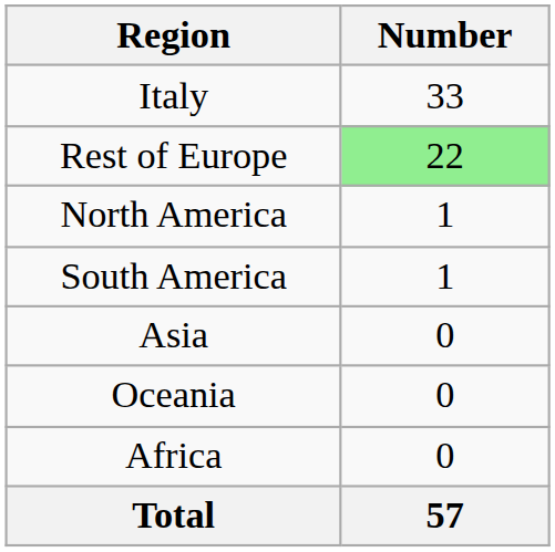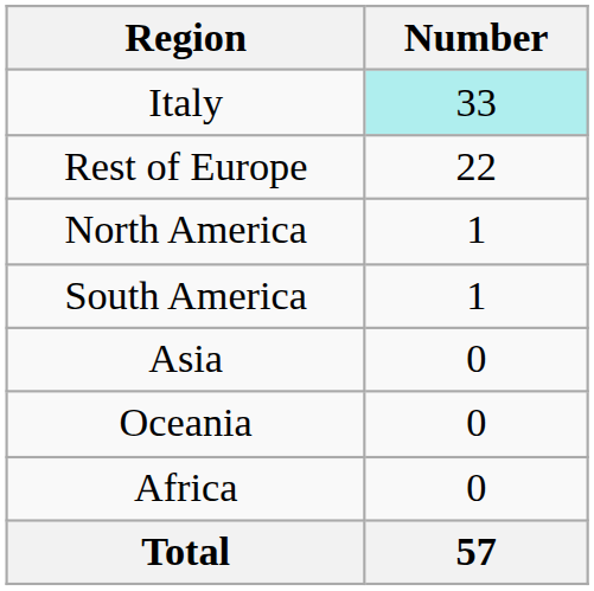 <table class="wikitable sortable" style="width:230px; float:right; margin:0 1em;">
 <tr>
 <th scope="col">Region</th>
 <th scope="col">Number</th>
 </tr>
 <tr>
 <td style="text-align:center" scope="row">Italy</td>
-<td style="text-align:center">33</td>
+<td style="background: paleturquoise; text-align:center">33</td>
 </tr>
 <tr>
 <td style="text-align:center" scope="row" data-sort-value="Europe, Rest of">Rest of Europe</td>
-<td style="background: lightgreen; text-align:center">22</td>
+<td style="text-align:center">22</td>
 </tr>
 <tr>
 <td style="text-align:center" scope="row" data-sort-value="America, North">North America</td>
 <td style="text-align:center">1</td>
 </tr>
 <tr>
 <td style="text-align:center" scope="row" data-sort-value="America, South">South America</td>
 <td style="text-align:center">1</td>
 </tr>
 <tr>
 <td style="text-align:center" scope="row">Asia</td>
 <td style="text-align:center">0</td>
 </tr>
 <tr>
 <td style="text-align:center" scope="row">Oceania</td>
 <td style="text-align:center">0</td>
 </tr>
 <tr>
 <td style="text-align:center" scope="row">Africa</td>
 <td style="text-align:center">0</td>
 </tr>
 <tr>
 <th scope="row">Total</th>
 <th>57</th>
 </tr>
 </table>
